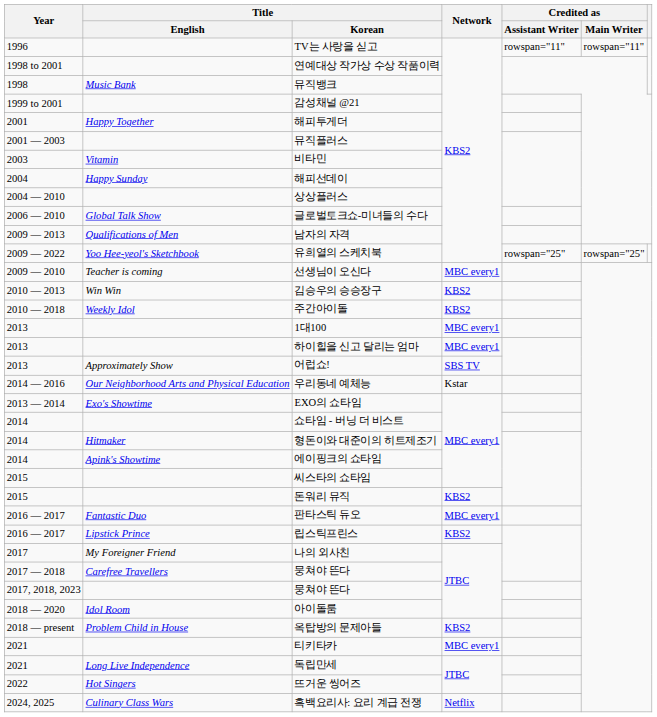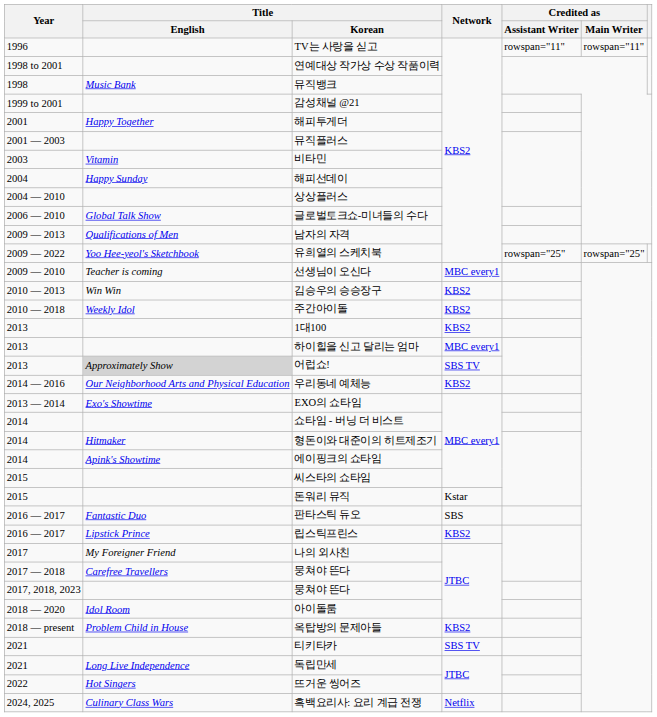 <table class="wikitable sortable plainrowheaders">
 <tr>
 <th rowspan="2">Year</th>
 <th colspan="2">Title</th>
 <th rowspan="2">Network</th>
 <th colspan="2">Credited as</th>
 <th rowspan="2" scope="col" class="unsortable"></th>
 </tr>
 <tr>
 <th>English</th>
 <th>Korean</th>
 <th>Assistant Writer</th>
 <th>Main Writer</th>
 </tr>
 <tr>
 <td>1996</td>
 <td><em></em></td>
 <td>TV는 사랑을 싣고</td>
 <td rowspan="12"><a href='#'>KBS2</a></td>
 <td>rowspan="11" </td>
 <td>rowspan="11" </td>
 <td rowspan="3"></td>
 </tr>
 <tr>
 <td>1998 to 2001</td>
 <td><em></em></td>
 <td>연예대상 작가상 수상 작품이력</td>
 </tr>
 <tr>
 <td>1998</td>
 <td><em><a href='#'>Music Bank</a></em></td>
 <td>뮤직뱅크</td>
 </tr>
 <tr>
 <td>1999 to 2001</td>
 <td><em></em></td>
 <td>감성채널 @21</td>
 <td></td>
 </tr>
 <tr>
 <td>2001</td>
 <td><em><a href='#'>Happy Together</a></em></td>
 <td>해피투게더</td>
 <td></td>
 </tr>
 <tr>
 <td>2001 — 2003</td>
 <td><em></em></td>
 <td>뮤직플러스</td>
 <td rowspan="4"></td>
 </tr>
 <tr>
 <td>2003</td>
 <td><em><a href='#'>Vitamin</a></em></td>
 <td>비타민</td>
 </tr>
 <tr>
 <td>2004</td>
 <td><em><a href='#'>Happy Sunday</a></em></td>
 <td>해피선데이</td>
 </tr>
 <tr>
 <td>2004 — 2010</td>
 <td><em></em></td>
 <td>상상플러스</td>
 </tr>
 <tr>
 <td>2006 — 2010</td>
 <td><em><a href='#'>Global Talk Show</a></em></td>
 <td>글로벌토크쇼-미녀들의 수다</td>
 <td></td>
 </tr>
 <tr>
 <td>2009 — 2013</td>
 <td><em><a href='#'>Qualifications of Men</a></em></td>
 <td>남자의 자격</td>
 <td></td>
 </tr>
 <tr>
 <td>2009 — 2022</td>
 <td><em><a href='#'>Yoo Hee-yeol's Sketchbook</a></em></td>
 <td>유희열의 스케치북</td>
 <td>rowspan="25" </td>
 <td>rowspan="25" </td>
 <td></td>
 </tr>
 <tr>
 <td>2009 — 2010</td>
 <td><em>Teacher is coming</em></td>
 <td>선생님이 오신다</td>
 <td><a href='#'>MBC every1</a></td>
 <td></td>
 </tr>
 <tr>
 <td>2010 — 2013</td>
 <td><em>Win Win</em></td>
 <td>김승우의 승승장구</td>
 <td><a href='#'>KBS2</a></td>
 <td></td>
 </tr>
 <tr>
 <td>2010 — 2018</td>
 <td><em><a href='#'>Weekly Idol</a></em></td>
 <td>주간아이돌</td>
 <td><a href='#'>KBS2</a></td>
 <td></td>
 </tr>
 <tr>
 <td>2013</td>
 <td><em></em></td>
 <td>1대100</td>
-<td><a href='#'>MBC every1</a></td>
+<td><a href='#'>KBS2</a></td>
 <td></td>
 </tr>
 <tr>
 <td>2013</td>
 <td><em></em></td>
 <td>하이힐을 신고 달리는 엄마</td>
 <td><a href='#'>MBC every1</a></td>
 <td rowspan="2"></td>
 </tr>
 <tr>
 <td>2013</td>
-<td><em>Approximately Show</em></td>
+<td style="background: lightgrey;"><em>Approximately Show</em></td>
 <td>어럽쇼!</td>
 <td><a href='#'>SBS TV</a></td>
 </tr>
 <tr>
 <td>2014 — 2016</td>
 <td><em><a href='#'>Our Neighborhood Arts and Physical Education</a></em></td>
 <td>우리동네 예체능</td>
-<td>Kstar</td>
+<td><a href='#'>KBS2</a></td>
 <td></td>
 </tr>
 <tr>
 <td>2013 — 2014</td>
 <td><em><a href='#'>Exo's Showtime</a></em></td>
 <td>EXO의 쇼타임</td>
 <td rowspan="5"><a href='#'>MBC every1</a></td>
 <td></td>
 </tr>
 <tr>
 <td>2014</td>
 <td><em></em></td>
 <td>쇼타임 - 버닝 더 비스트</td>
 <td></td>
 </tr>
 <tr>
 <td>2014</td>
 <td><em><a href='#'>Hitmaker</a></em></td>
 <td>형돈이와 대준이의 히트제조기</td>
 <td rowspan="4"></td>
 </tr>
 <tr>
 <td>2014</td>
 <td><em><a href='#'>Apink's Showtime</a></em></td>
 <td>에이핑크의 쇼타임</td>
 </tr>
 <tr>
 <td>2015</td>
 <td><em></em></td>
 <td>씨스타의 쇼타임</td>
 </tr>
 <tr>
 <td>2015</td>
 <td><em></em></td>
 <td>돈워리 뮤직</td>
-<td><a href='#'>KBS2</a></td>
+<td>Kstar</td>
 </tr>
 <tr>
 <td>2016 — 2017</td>
 <td><em><a href='#'>Fantastic Duo</a></em></td>
 <td>판타스틱 듀오</td>
-<td><a href='#'>MBC every1</a></td>
+<td>SBS</td>
 <td></td>
 </tr>
 <tr>
 <td>2016 — 2017</td>
 <td><em><a href='#'>Lipstick Prince</a></em></td>
 <td>립스틱프린스</td>
 <td><a href='#'>KBS2</a></td>
 <td rowspan="3"></td>
 </tr>
 <tr>
 <td>2017</td>
 <td><em>My Foreigner Friend</em></td>
 <td>나의 외사친</td>
 <td rowspan="4"><a href='#'>JTBC</a></td>
 </tr>
 <tr>
 <td>2017 — 2018</td>
 <td><em><a href='#'>Carefree Travellers</a></em></td>
 <td>뭉쳐야 뜬다</td>
 </tr>
 <tr>
 <td>2017, 2018, 2023</td>
 <td><em></em></td>
 <td>뭉쳐야 뜬다</td>
 <td></td>
 </tr>
 <tr>
 <td>2018 — 2020</td>
 <td><em><a href='#'>Idol Room</a></em></td>
 <td>아이돌룸</td>
 <td></td>
 </tr>
 <tr>
 <td>2018 — present</td>
 <td><em><a href='#'>Problem Child in House</a></em></td>
 <td>옥탑방의 문제아들</td>
 <td><a href='#'>KBS2</a></td>
 <td></td>
 </tr>
 <tr>
 <td>2021</td>
 <td><em></em></td>
 <td>티키타카</td>
-<td><a href='#'>MBC every1</a></td>
+<td><a href='#'>SBS TV</a></td>
 <td></td>
 </tr>
 <tr>
 <td>2021</td>
 <td><em><a href='#'>Long Live Independence</a></em></td>
 <td>독립만세</td>
 <td rowspan="2"><a href='#'>JTBC</a></td>
 <td></td>
 </tr>
 <tr>
 <td>2022</td>
 <td><em><a href='#'>Hot Singers</a></em></td>
 <td>뜨거운 씽어즈</td>
 <td></td>
 </tr>
 <tr>
 <td>2024, 2025</td>
 <td><em><a href='#'>Culinary Class Wars</a></em></td>
 <td>흑백요리사: 요리 계급 전쟁</td>
 <td><a href='#'>Netflix</a></td>
 <td></td>
 </tr>
 </table>
